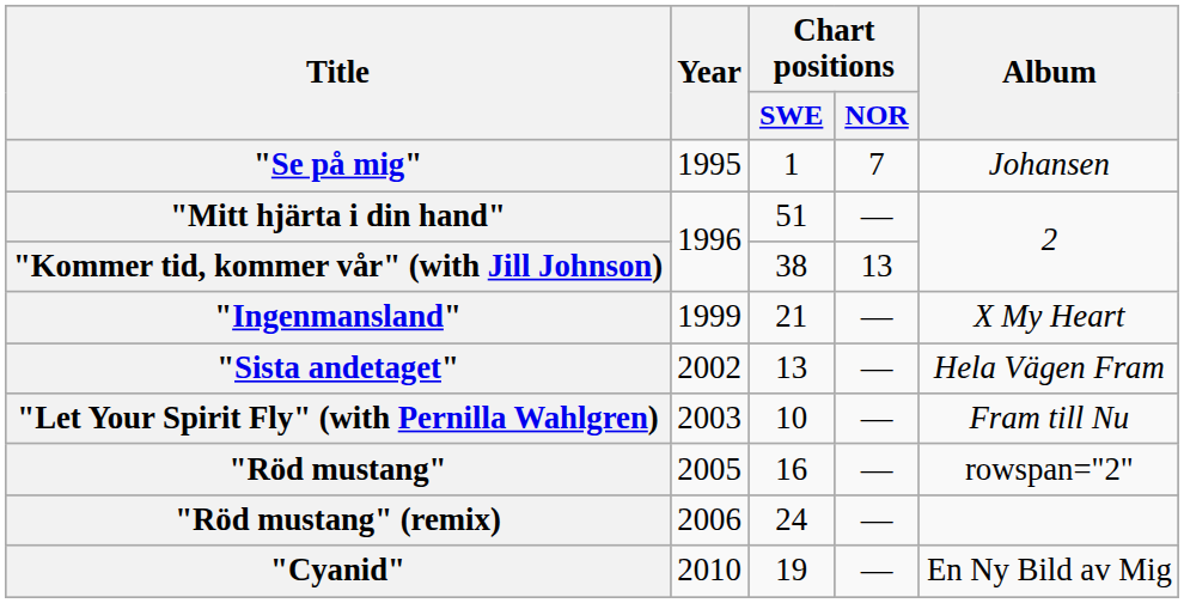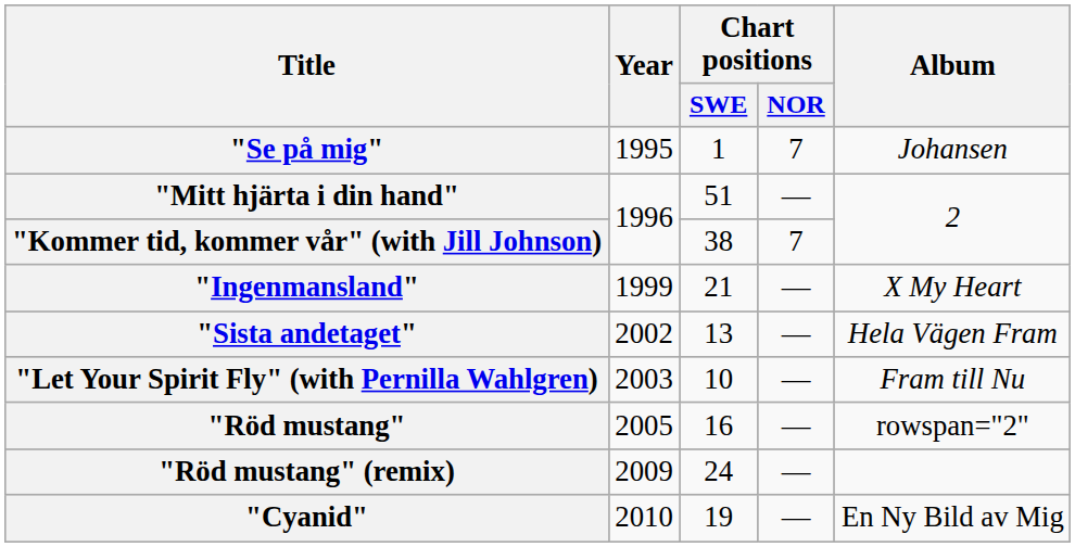 <table class="wikitable plainrowheaders" style="text-align:center;">
 <tr>
 <th rowspan="2">Title</th>
 <th rowspan="2">Year</th>
 <th colspan="2">Chart positions</th>
 <th rowspan="2">Album</th>
 </tr>
 <tr>
 <th scope="col" style="width:2.5em;font-size:90%;"><a href='#'>SWE</a><br></th>
 <th scope="col" style="width:2.5em;font-size:90%;"><a href='#'>NOR</a><br></th>
 </tr>
 <tr>
 <th scope="row">"<a href='#'>Se på mig</a>"</th>
 <td>1995</td>
 <td>1</td>
 <td>7</td>
 <td><em>Johansen</em></td>
 </tr>
 <tr>
 <th scope="row">"Mitt hjärta i din hand"</th>
 <td rowspan="2">1996</td>
 <td>51</td>
 <td>—</td>
 <td rowspan="2"><em>2</em></td>
 </tr>
 <tr>
 <th scope="row">"Kommer tid, kommer vår" (with <a href='#'>Jill Johnson</a>)</th>
 <td>38</td>
-<td>13</td>
+<td>7</td>
 </tr>
 <tr>
 <th scope="row">"<a href='#'>Ingenmansland</a>"</th>
 <td>1999</td>
 <td>21</td>
 <td>—</td>
 <td><em>X My Heart</em></td>
 </tr>
 <tr>
 <th scope="row">"<a href='#'>Sista andetaget</a>"</th>
 <td>2002</td>
 <td>13</td>
 <td>—</td>
 <td><em>Hela Vägen Fram</em></td>
 </tr>
 <tr>
 <th scope="row">"Let Your Spirit Fly" (with <a href='#'>Pernilla Wahlgren</a>)</th>
 <td>2003</td>
 <td>10</td>
 <td>—</td>
 <td><em>Fram till Nu</em></td>
 </tr>
 <tr>
 <th scope="row">"Röd mustang"</th>
 <td>2005</td>
 <td>16</td>
 <td>—</td>
 <td>rowspan="2" </td>
 </tr>
 <tr>
 <th scope="row">"Röd mustang" (remix)</th>
-<td>2006</td>
+<td>2009</td>
 <td>24</td>
 <td>—</td>
 </tr>
 <tr>
 <th scope="row">"Cyanid"</th>
 <td>2010</td>
 <td>19</td>
 <td>—</td>
 <td>En Ny Bild av Mig</td>
 </tr>
 </table>
